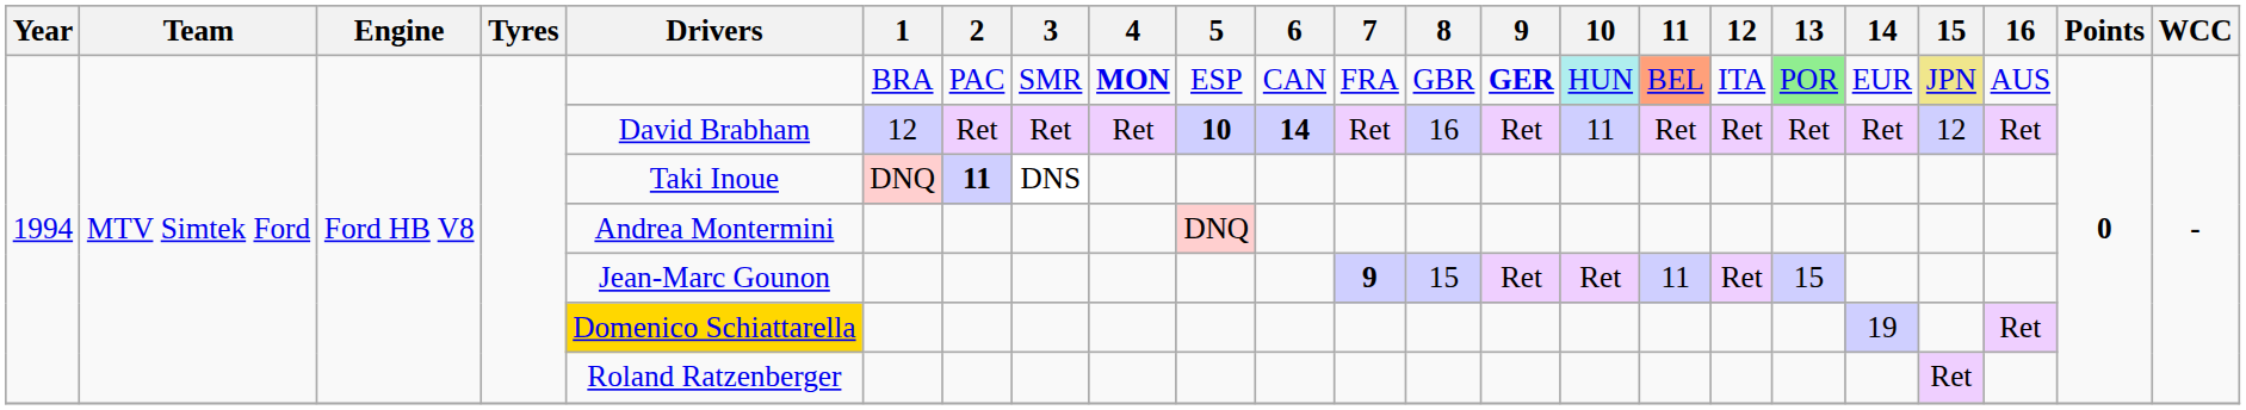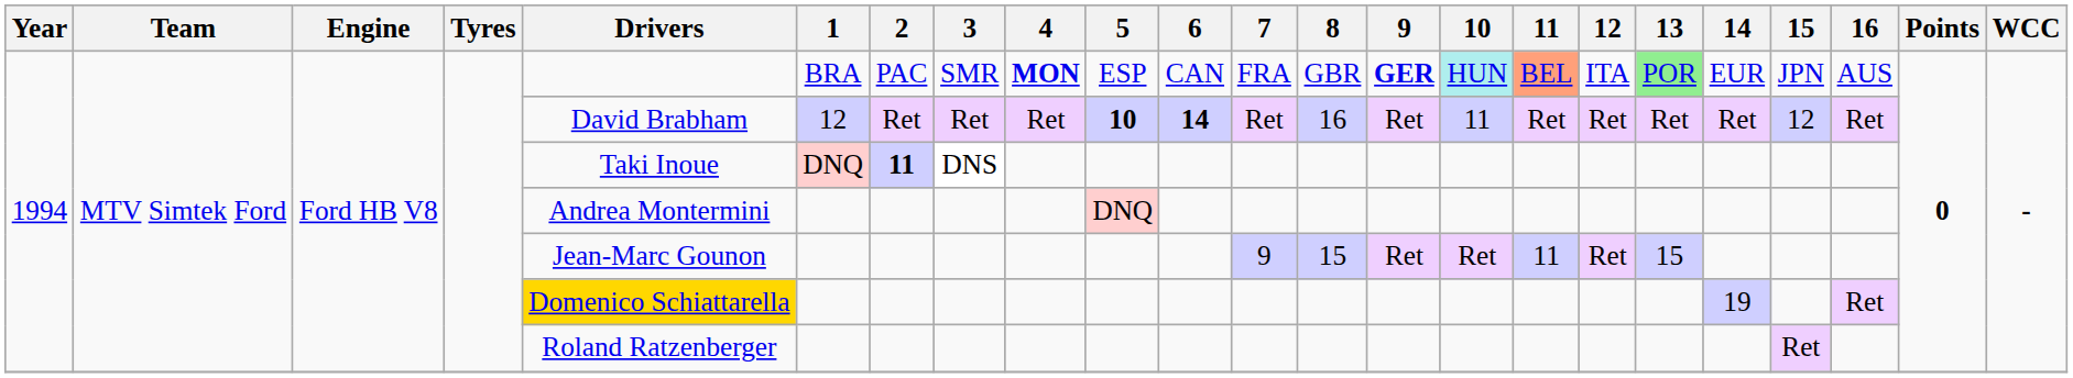 <table class="wikitable" style="text-align:center; font-size:95%">
 <tr>
 <th>Year</th>
 <th>Team</th>
 <th>Engine</th>
 <th>Tyres</th>
 <th>Drivers</th>
 <th>1</th>
 <th>2</th>
 <th>3</th>
 <th>4</th>
 <th>5</th>
 <th>6</th>
 <th>7</th>
 <th>8</th>
 <th>9</th>
 <th>10</th>
 <th>11</th>
 <th>12</th>
 <th>13</th>
 <th>14</th>
 <th>15</th>
 <th>16</th>
 <th>Points</th>
 <th>WCC</th>
 </tr>
 <tr>
 <td rowspan="7"><a href='#'>1994</a></td>
 <td rowspan="7"><a href='#'>MTV</a> <a href='#'>Simtek</a> <a href='#'>Ford</a></td>
 <td rowspan="7"><a href='#'>Ford HB</a> <a href='#'>V8</a></td>
 <td rowspan="7"></td>
 <td></td>
 <td><a href='#'>BRA</a></td>
 <td><a href='#'>PAC</a></td>
 <td><a href='#'>SMR</a></td>
 <td><strong><a href='#'>MON</a></strong></td>
 <td><a href='#'>ESP</a></td>
 <td><a href='#'>CAN</a></td>
 <td><a href='#'>FRA</a></td>
 <td><a href='#'>GBR</a></td>
 <td><strong><a href='#'>GER</a></strong></td>
 <td style="background: paleturquoise;"><a href='#'>HUN</a></td>
 <td style="background: lightsalmon;"><a href='#'>BEL</a></td>
 <td><a href='#'>ITA</a></td>
 <td style="background: lightgreen;"><a href='#'>POR</a></td>
 <td><a href='#'>EUR</a></td>
-<td style="background: khaki;"><a href='#'>JPN</a></td>
+<td><a href='#'>JPN</a></td>
 <td><a href='#'>AUS</a></td>
 <td rowspan="7"><strong>0</strong></td>
 <td rowspan="7"><strong>-</strong></td>
 </tr>
 <tr>
 <td><a href='#'>David Brabham</a></td>
 <td style="background:#CFCFFF;">12</td>
 <td style="background:#EFCFFF;">Ret</td>
 <td style="background:#EFCFFF;">Ret</td>
 <td style="background:#EFCFFF;">Ret</td>
 <td style="background:#CFCFFF;"><strong>10</strong></td>
 <td style="background:#CFCFFF;"><strong>14</strong></td>
 <td style="background:#EFCFFF;">Ret</td>
 <td style="background:#CFCFFF;">16</td>
 <td style="background:#EFCFFF;">Ret</td>
 <td style="background:#CFCFFF;">11</td>
 <td style="background:#EFCFFF;">Ret</td>
 <td style="background:#EFCFFF;">Ret</td>
 <td style="background:#EFCFFF;">Ret</td>
 <td style="background:#EFCFFF;">Ret</td>
 <td style="background:#CFCFFF;">12</td>
 <td style="background:#EFCFFF;">Ret</td>
 </tr>
 <tr>
 <td><a href='#'>Taki Inoue</a></td>
 <td style="background:#FFCFCF;">DNQ</td>
 <td style="background:#CFCFFF;"><strong>11</strong></td>
 <td style="background:#ffffff;">DNS</td>
 <td></td>
 <td></td>
 <td></td>
 <td></td>
 <td></td>
 <td></td>
 <td></td>
 <td></td>
 <td></td>
 <td></td>
 <td></td>
 <td></td>
 <td></td>
 </tr>
 <tr>
 <td><a href='#'>Andrea Montermini</a></td>
 <td></td>
 <td></td>
 <td></td>
 <td></td>
 <td style="background:#FFCFCF;">DNQ</td>
 <td></td>
 <td></td>
 <td></td>
 <td></td>
 <td></td>
 <td></td>
 <td></td>
 <td></td>
 <td></td>
 <td></td>
 <td></td>
 </tr>
 <tr>
 <td><a href='#'>Jean-Marc Gounon</a></td>
 <td></td>
 <td></td>
 <td></td>
 <td></td>
 <td></td>
 <td></td>
-<td style="background:#CFCFFF;"><strong>9</strong></td>
+<td style="background:#CFCFFF;">9</td>
 <td style="background:#CFCFFF;">15</td>
 <td style="background:#EFCFFF;">Ret</td>
 <td style="background:#EFCFFF;">Ret</td>
 <td style="background:#CFCFFF;">11</td>
 <td style="background:#EFCFFF;">Ret</td>
 <td style="background:#CFCFFF;">15</td>
 <td></td>
 <td></td>
 <td></td>
 </tr>
 <tr>
 <td style="background: gold;"><a href='#'>Domenico Schiattarella</a></td>
 <td></td>
 <td></td>
 <td></td>
 <td></td>
 <td></td>
 <td></td>
 <td></td>
 <td></td>
 <td></td>
 <td></td>
 <td></td>
 <td></td>
 <td></td>
 <td style="background:#CFCFFF;">19</td>
 <td></td>
 <td style="background:#EFCFFF;">Ret</td>
 </tr>
 <tr>
 <td><a href='#'>Roland Ratzenberger</a></td>
 <td></td>
 <td></td>
 <td></td>
 <td></td>
 <td></td>
 <td></td>
 <td></td>
 <td></td>
 <td></td>
 <td></td>
 <td></td>
 <td></td>
 <td></td>
 <td></td>
 <td style="background:#EFCFFF;">Ret</td>
 <td></td>
 </tr>
 <tr>
 </tr>
 </table>
